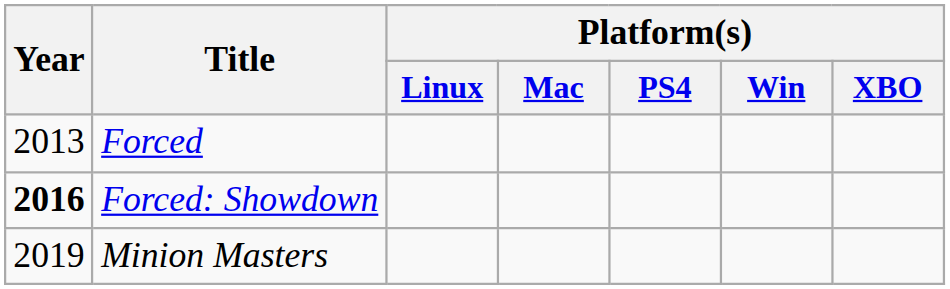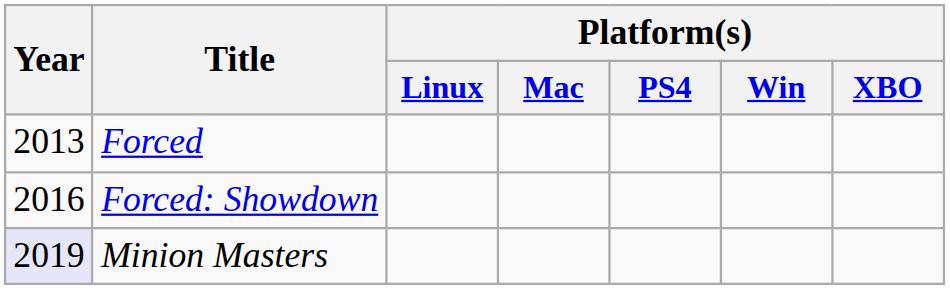 <table class="wikitable sortable">
 <tr>
 <th rowspan="2">Year</th>
 <th rowspan="2">Title</th>
 <th colspan="5">Platform(s)</th>
 </tr>
 <tr>
 <th style="width:3em; font-size:90%"><a href='#'>Linux</a></th>
 <th style="width:3em; font-size:90%"><a href='#'>Mac</a></th>
 <th style="width:3em; font-size:90%"><a href='#'>PS4</a></th>
 <th style="width:3em; font-size:90%"><a href='#'>Win</a></th>
 <th style="width:3em; font-size:90%"><a href='#'>XBO</a></th>
 </tr>
 <tr>
 <td>2013</td>
 <td><em><a href='#'>Forced</a></em></td>
 <td></td>
 <td></td>
 <td></td>
 <td></td>
 <td></td>
 </tr>
 <tr>
-<td><strong>2016</strong></td>
+<td>2016</td>
 <td><em><a href='#'>Forced: Showdown</a></em></td>
 <td></td>
 <td></td>
 <td></td>
 <td></td>
 <td></td>
 </tr>
 <tr>
-<td>2019</td>
+<td style="background: lavender;">2019</td>
 <td><em>Minion Masters</em></td>
 <td></td>
 <td></td>
 <td></td>
 <td></td>
 <td></td>
 </tr>
 </table>
